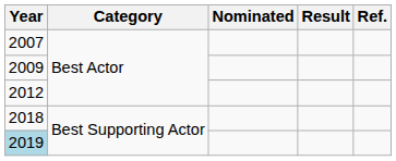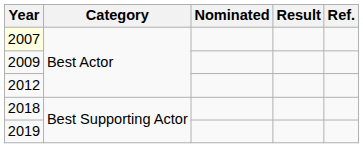 <table class="wikitable">
 <tr>
 <th>Year</th>
 <th>Category</th>
 <th>Nominated</th>
 <th>Result</th>
 <th>Ref.</th>
 </tr>
 <tr>
-<td>2007</td>
+<td style="background: lightyellow;">2007</td>
 <td rowspan=3>Best Actor</td>
 <td></td>
 <td></td>
 <td></td>
 </tr>
 <tr>
 <td>2009</td>
 <td></td>
 <td></td>
 <td></td>
 </tr>
 <tr>
 <td>2012</td>
 <td></td>
 <td></td>
 <td></td>
 </tr>
 <tr>
 <td>2018</td>
 <td rowspan=2>Best Supporting Actor</td>
 <td></td>
 <td></td>
 <td></td>
 </tr>
 <tr>
-<td style="background: lightblue;">2019</td>
+<td>2019</td>
 <td></td>
 <td></td>
 <td></td>
 </tr>
 </table>
